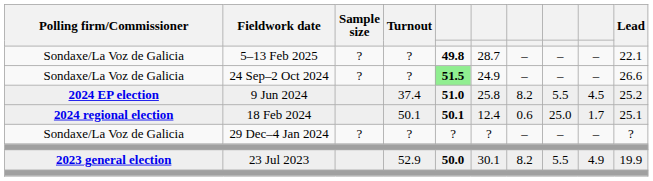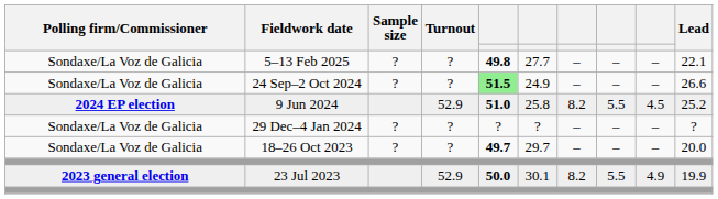 <table class="wikitable collapsible collapsed" style="text-align:center; font-size:95%; line-height:16px;">
 <tr style="height:42px;">
 <th style="width:250px;" rowspan="2">Polling firm/Commissioner</th>
 <th style="width:125px;" rowspan="2">Fieldwork date</th>
 <th style="width:50px;" rowspan="2">Sample size</th>
 <th style="width:45px;" rowspan="2">Turnout</th>
 <th style="width:35px;"></th>
 <th style="width:35px;"></th>
 <th style="width:35px;"></th>
 <th style="width:35px;"></th>
 <th style="width:35px;"></th>
 <th style="width:30px;" rowspan="2">Lead</th>
 </tr>
 <tr>
 <th style="color:inherit;background:"></th>
 <th style="color:inherit;background:"></th>
 <th style="color:inherit;background:"></th>
 <th style="color:inherit;background:"></th>
 <th style="color:inherit;background:"></th>
 </tr>
 <tr>
 <td>Sondaxe/La Voz de Galicia</td>
 <td>5–13 Feb 2025</td>
 <td>?</td>
 <td>?</td>
 <td><strong>49.8</strong><br></td>
-<td>28.7<br></td>
+<td>27.7<br></td>
 <td>–</td>
 <td>–</td>
 <td>–</td>
 <td style="background:">22.1</td>
 </tr>
 <tr>
 <td>Sondaxe/La Voz de Galicia</td>
 <td>24 Sep–2 Oct 2024</td>
 <td>?</td>
 <td>?</td>
 <td style="background: lightgreen;"><strong>51.5</strong><br></td>
 <td>24.9<br></td>
 <td>–</td>
 <td>–</td>
 <td>–</td>
 <td style="background:">26.6</td>
 </tr>
 <tr style="background:#EFEFEF;">
 <td><strong><a href='#'>2024 EP election</a></strong></td>
 <td>9 Jun 2024</td>
 <td></td>
-<td>37.4</td>
+<td>52.9</td>
 <td><strong>51.0</strong><br></td>
 <td>25.8<br></td>
 <td>8.2<br></td>
 <td>5.5<br></td>
 <td>4.5<br></td>
 <td style="background:">25.2</td>
-</tr>
-<tr style="background:#EFEFEF;">
-<td><strong><a href='#'>2024 regional election</a></strong></td>
-<td>18 Feb 2024</td>
-<td></td>
-<td>50.1</td>
-<td><strong>50.1</strong><br></td>
-<td>12.4<br></td>
-<td>0.6<br></td>
-<td>25.0<br></td>
-<td>1.7<br></td>
-<td style="background:">25.1</td>
 </tr>
 <tr>
 <td>Sondaxe/La Voz de Galicia</td>
 <td>29 Dec–4 Jan 2024</td>
 <td>?</td>
 <td>?</td>
 <td>?<br></td>
 <td>?<br></td>
 <td>–</td>
 <td>–</td>
 <td>–</td>
 <td style="background:">?</td>
+</tr>
+<tr>
+<td>Sondaxe/La Voz de Galicia</td>
+<td>18–26 Oct 2023</td>
+<td>?</td>
+<td>?</td>
+<td><strong>49.7</strong><br></td>
+<td>29.7<br></td>
+<td>–</td>
+<td>–</td>
+<td>–</td>
+<td style="background:">20.0</td>
 </tr>
 <tr>
 <td colspan="10" style="background:#A0A0A0"></td>
 </tr>
 <tr style="background:#EFEFEF;">
 <td><strong><a href='#'>2023 general election</a></strong></td>
 <td>23 Jul 2023</td>
 <td></td>
 <td>52.9</td>
 <td><strong>50.0</strong><br></td>
 <td>30.1<br></td>
 <td>8.2<br></td>
 <td>5.5<br></td>
 <td>4.9<br></td>
 <td style="background:">19.9</td>
 </tr>
 <tr>
 <td colspan="10" style="background:#A0A0A0"></td>
 </tr>
 </table>
